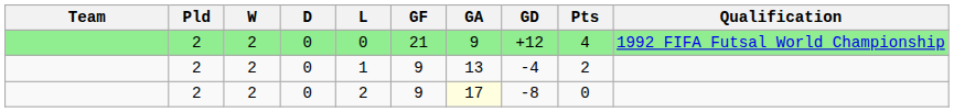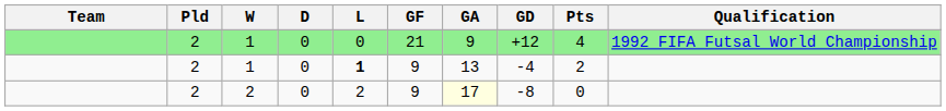 <table class="wikitable sortable" style="text-align: center;">
 <tr>
 <th width=130>Team</th>
 <th width=40>Pld</th>
 <th width=40>W</th>
 <th width=40>D</th>
 <th width=40>L</th>
 <th width=40>GF</th>
 <th width=40>GA</th>
 <th width=40>GD</th>
 <th width=40><strong>Pts</strong></th>
 <th>Qualification</th>
 </tr>
 <tr>
 </tr>
 <tr style="background: #90EE90;">
 <td></td>
 <td>2</td>
-<td>2</td>
+<td>1</td>
 <td>0</td>
 <td>0</td>
 <td>21</td>
 <td>9</td>
 <td>+12</td>
 <td>4</td>
 <td><a href='#'>1992 FIFA Futsal World Championship</a></td>
 </tr>
 <tr>
 <td></td>
 <td>2</td>
-<td>2</td>
+<td>1</td>
 <td>0</td>
-<td>1</td>
+<td><strong>1</strong></td>
 <td>9</td>
 <td>13</td>
 <td>-4</td>
 <td>2</td>
 <td></td>
 </tr>
 <tr>
 <td></td>
 <td>2</td>
 <td>2</td>
 <td>0</td>
 <td>2</td>
 <td>9</td>
 <td style="background: lightyellow;">17</td>
 <td>-8</td>
 <td>0</td>
 <td></td>
 </tr>
 </table>
